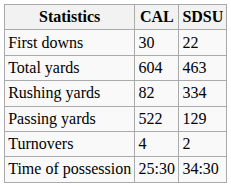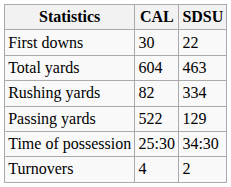 <table class="wikitable">
 <tr>
 <th>Statistics</th>
 <th>CAL</th>
 <th>SDSU</th>
 </tr>
 <tr>
 <td>First downs</td>
 <td>30</td>
 <td>22</td>
 </tr>
 <tr>
 <td>Total yards</td>
 <td>604</td>
 <td>463</td>
 </tr>
 <tr>
 <td>Rushing yards</td>
 <td>82</td>
 <td>334</td>
 </tr>
 <tr>
 <td>Passing yards</td>
 <td>522</td>
 <td>129</td>
 </tr>
 <tr>
+<td>Time of possession</td>
+<td>25:30</td>
+<td>34:30</td>
+</tr>
+<tr>
 <td>Turnovers</td>
 <td>4</td>
 <td>2</td>
 </tr>
 <tr>
-<td>Time of possession</td>
-<td>25:30</td>
-<td>34:30</td>
-</tr>
-<tr>
 </tr>
 </table>
